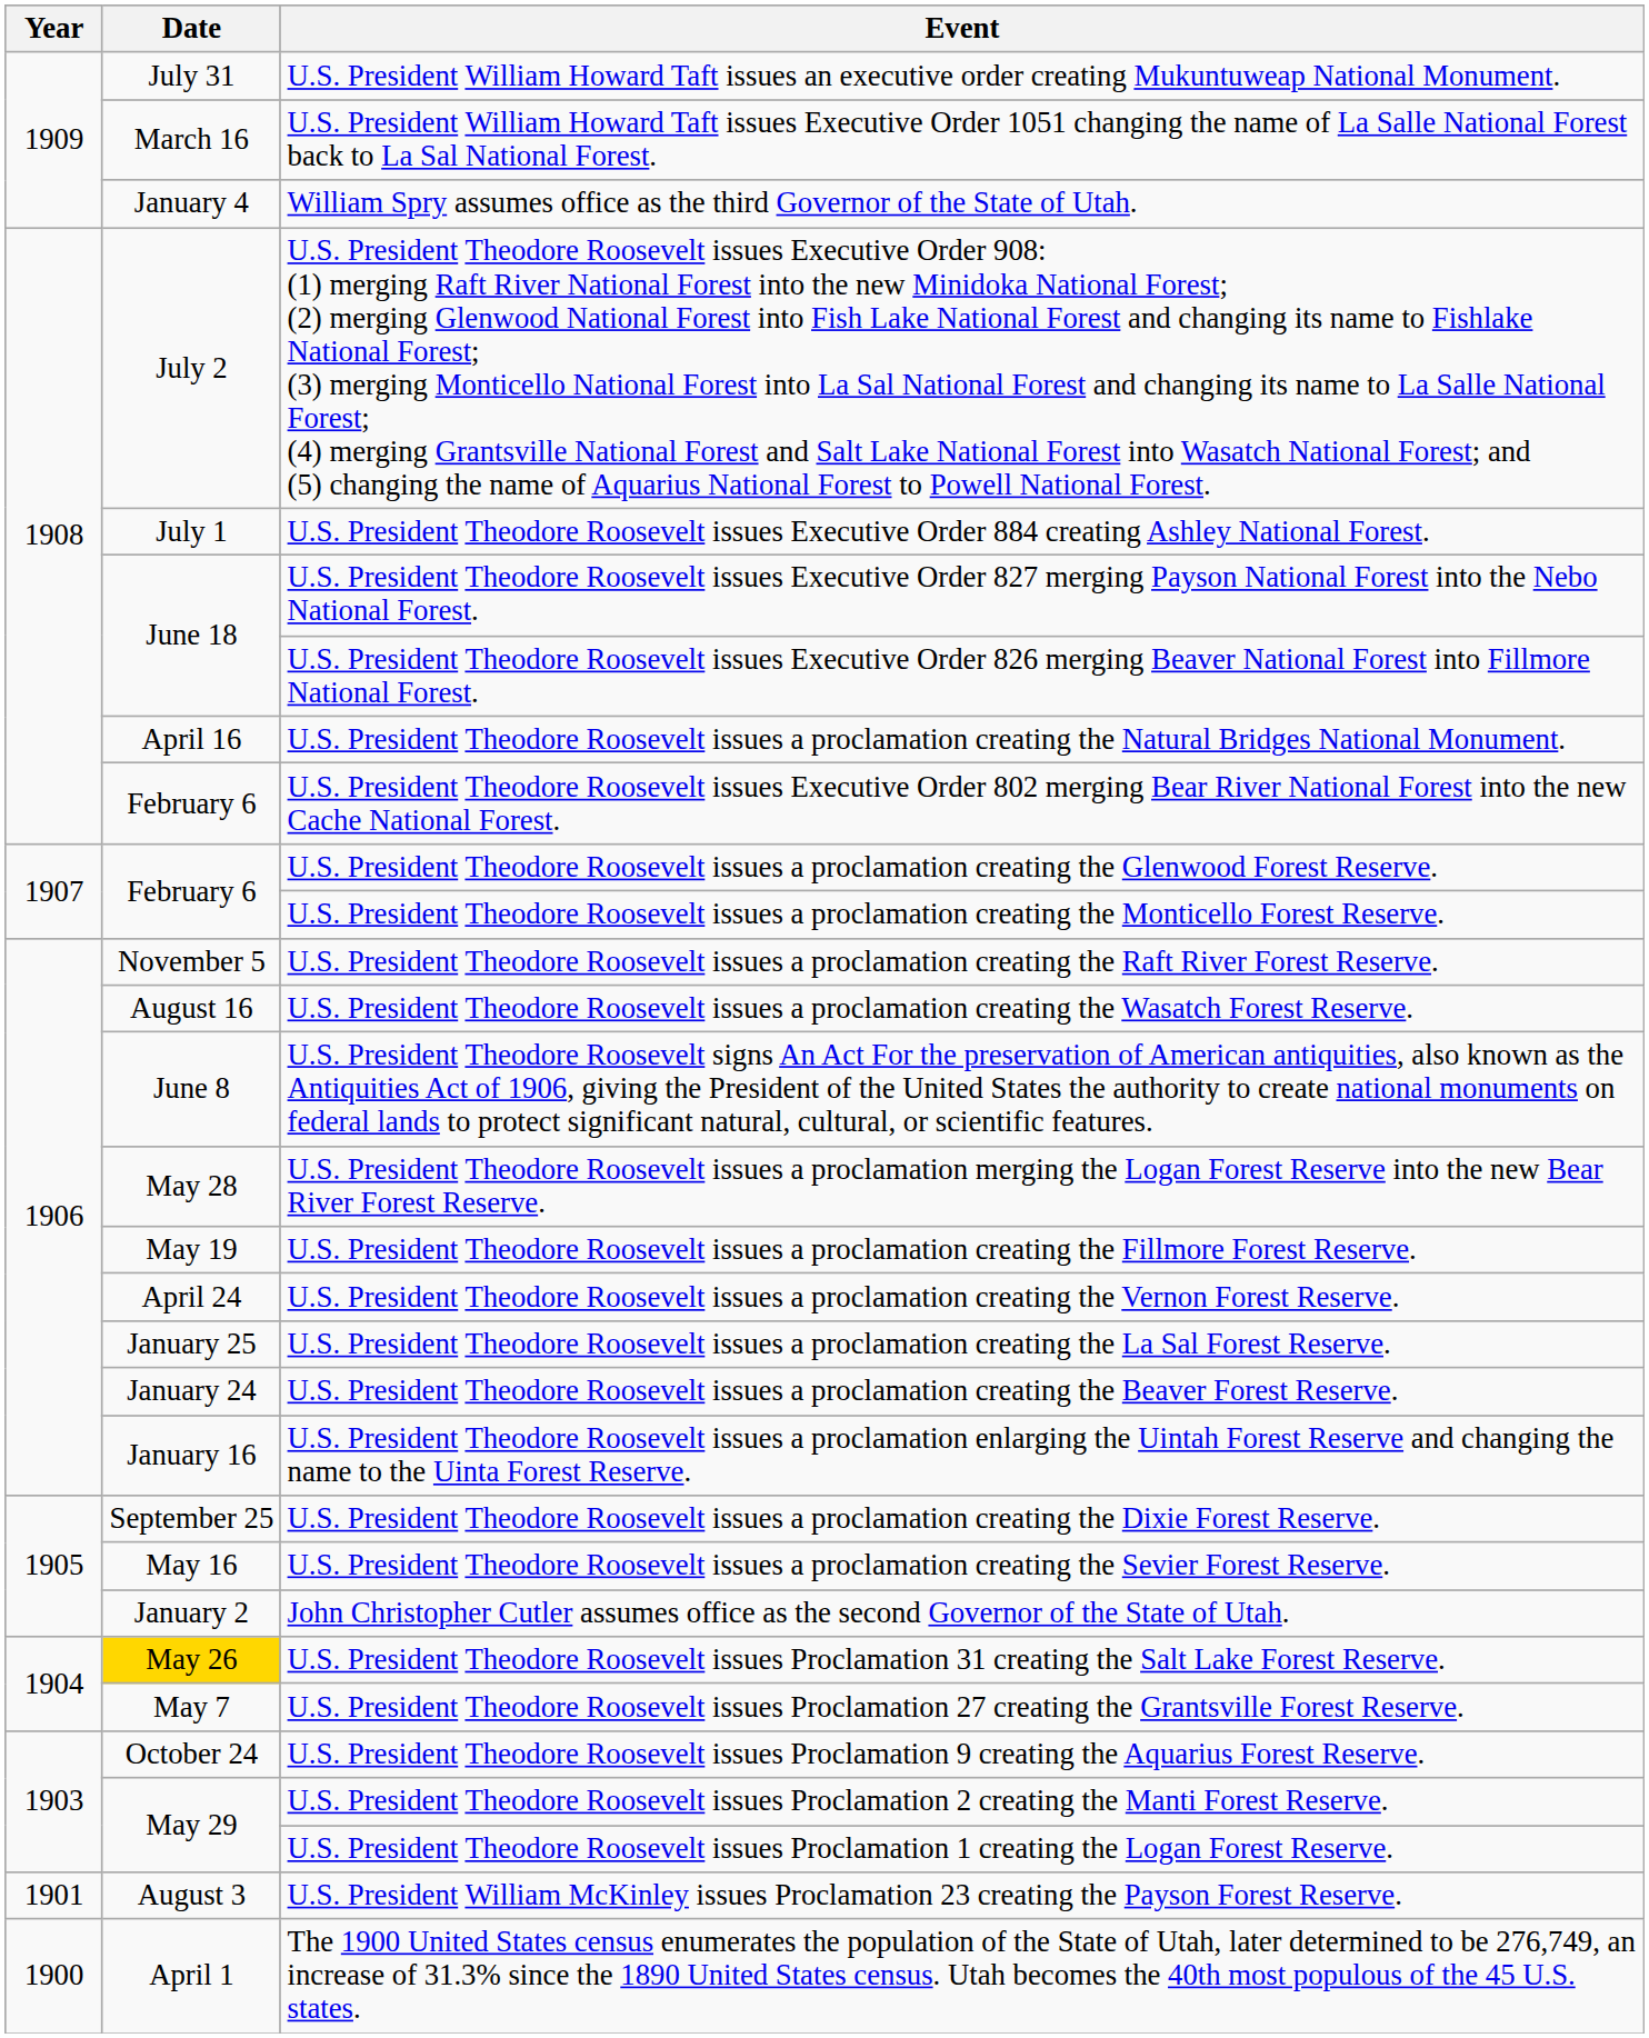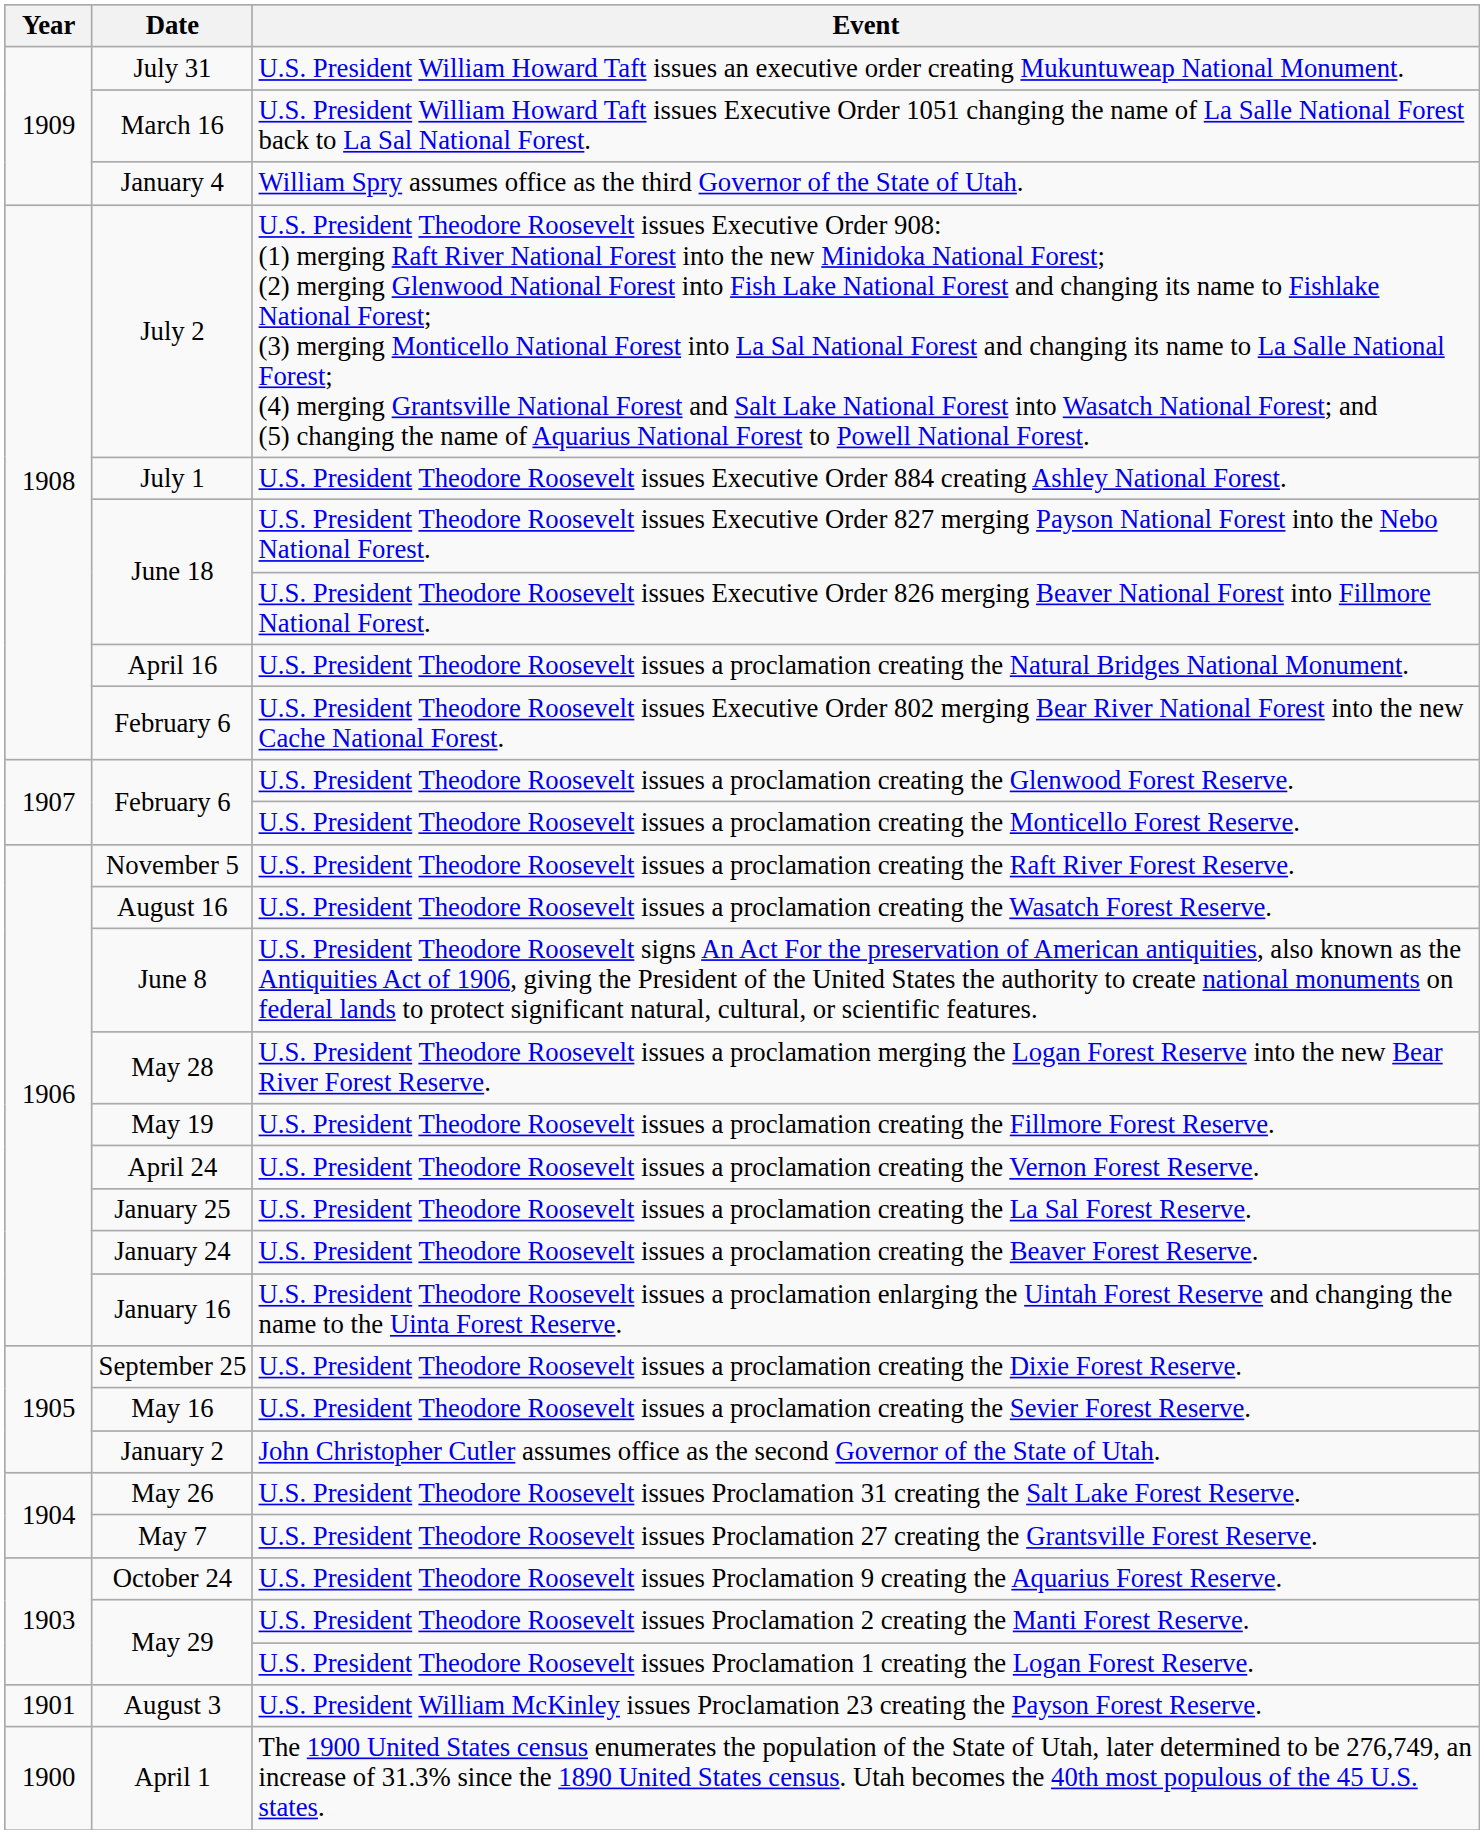 <table class="wikitable" style="width:100%;">
 <tr>
 <th style="width:6%">Year</th>
 <th style="width:8%">Date</th>
 <th style="width:86%">Event</th>
 </tr>
 <tr>
 <td align=center rowspan=3>1909</td>
 <td align=center>July 31</td>
 <td><a href='#'>U.S. President</a> <a href='#'>William Howard Taft</a> issues an executive order creating <a href='#'>Mukuntuweap National Monument</a>.</td>
 </tr>
 <tr>
 <td align=center>March 16</td>
 <td><a href='#'>U.S. President</a> <a href='#'>William Howard Taft</a> issues Executive Order 1051 changing the name of <a href='#'>La Salle National Forest</a> back to <a href='#'>La Sal National Forest</a>.</td>
 </tr>
 <tr>
 <td align=center>January 4</td>
 <td><a href='#'>William Spry</a> assumes office as the third <a href='#'>Governor of the State of Utah</a>.</td>
 </tr>
 <tr>
 <td align=center rowspan=6>1908</td>
 <td align=center>July 2</td>
 <td><a href='#'>U.S. President</a> <a href='#'>Theodore Roosevelt</a> issues Executive Order 908:<br>(1) merging <a href='#'>Raft River National Forest</a> into the new <a href='#'>Minidoka National Forest</a>;<br>(2) merging <a href='#'>Glenwood National Forest</a> into <a href='#'>Fish Lake National Forest</a> and changing its name to <a href='#'>Fishlake National Forest</a>;<br>(3) merging <a href='#'>Monticello National Forest</a> into <a href='#'>La Sal National Forest</a> and changing its name to <a href='#'>La Salle National Forest</a>;<br>(4) merging <a href='#'>Grantsville National Forest</a> and <a href='#'>Salt Lake National Forest</a> into <a href='#'>Wasatch National Forest</a>; and<br>(5) changing the name of <a href='#'>Aquarius National Forest</a> to <a href='#'>Powell National Forest</a>.</td>
 </tr>
 <tr>
 <td align=center>July 1</td>
 <td><a href='#'>U.S. President</a> <a href='#'>Theodore Roosevelt</a> issues Executive Order 884 creating <a href='#'>Ashley National Forest</a>.</td>
 </tr>
 <tr>
 <td align=center rowspan=2>June 18</td>
 <td><a href='#'>U.S. President</a> <a href='#'>Theodore Roosevelt</a> issues Executive Order 827 merging <a href='#'>Payson National Forest</a> into the <a href='#'>Nebo National Forest</a>.</td>
 </tr>
 <tr>
 <td><a href='#'>U.S. President</a> <a href='#'>Theodore Roosevelt</a> issues Executive Order 826 merging <a href='#'>Beaver National Forest</a> into <a href='#'>Fillmore National Forest</a>.</td>
 </tr>
 <tr>
 <td align=center>April 16</td>
 <td><a href='#'>U.S. President</a> <a href='#'>Theodore Roosevelt</a> issues a proclamation creating the <a href='#'>Natural Bridges National Monument</a>.</td>
 </tr>
 <tr>
 <td align=center>February 6</td>
 <td><a href='#'>U.S. President</a> <a href='#'>Theodore Roosevelt</a> issues Executive Order 802 merging <a href='#'>Bear River National Forest</a> into the new <a href='#'>Cache National Forest</a>.</td>
 </tr>
 <tr>
 <td align=center rowspan=2>1907</td>
 <td align=center rowspan=2>February 6</td>
 <td><a href='#'>U.S. President</a> <a href='#'>Theodore Roosevelt</a> issues a proclamation creating the <a href='#'>Glenwood Forest Reserve</a>.</td>
 </tr>
 <tr>
 <td><a href='#'>U.S. President</a> <a href='#'>Theodore Roosevelt</a> issues a proclamation creating the <a href='#'>Monticello Forest Reserve</a>.</td>
 </tr>
 <tr>
 <td align=center rowspan=9>1906</td>
 <td align=center>November 5</td>
 <td><a href='#'>U.S. President</a> <a href='#'>Theodore Roosevelt</a> issues a proclamation creating the <a href='#'>Raft River Forest Reserve</a>.</td>
 </tr>
 <tr>
 <td align=center>August 16</td>
 <td><a href='#'>U.S. President</a> <a href='#'>Theodore Roosevelt</a> issues a proclamation creating the <a href='#'>Wasatch Forest Reserve</a>.</td>
 </tr>
 <tr>
 <td align=center>June 8</td>
 <td><a href='#'>U.S. President</a> <a href='#'>Theodore Roosevelt</a> signs <a href='#'>An Act For the preservation of American antiquities</a>, also known as the <a href='#'>Antiquities Act of 1906</a>, giving the President of the United States the authority to create <a href='#'>national monuments</a> on <a href='#'>federal lands</a> to protect significant natural, cultural, or scientific features.</td>
 </tr>
 <tr>
 <td align=center>May 28</td>
 <td><a href='#'>U.S. President</a> <a href='#'>Theodore Roosevelt</a> issues a proclamation merging the <a href='#'>Logan Forest Reserve</a> into the new <a href='#'>Bear River Forest Reserve</a>.</td>
 </tr>
 <tr>
 <td align=center>May 19</td>
 <td><a href='#'>U.S. President</a> <a href='#'>Theodore Roosevelt</a> issues a proclamation creating the <a href='#'>Fillmore Forest Reserve</a>.</td>
 </tr>
 <tr>
 <td align=center>April 24</td>
 <td><a href='#'>U.S. President</a> <a href='#'>Theodore Roosevelt</a> issues a proclamation creating the <a href='#'>Vernon Forest Reserve</a>.</td>
 </tr>
 <tr>
 <td align=center>January 25</td>
 <td><a href='#'>U.S. President</a> <a href='#'>Theodore Roosevelt</a> issues a proclamation creating the <a href='#'>La Sal Forest Reserve</a>.</td>
 </tr>
 <tr>
 <td align=center>January 24</td>
 <td><a href='#'>U.S. President</a> <a href='#'>Theodore Roosevelt</a> issues a proclamation creating the <a href='#'>Beaver Forest Reserve</a>.</td>
 </tr>
 <tr>
 <td align=center>January 16</td>
 <td><a href='#'>U.S. President</a> <a href='#'>Theodore Roosevelt</a> issues a proclamation enlarging the <a href='#'>Uintah Forest Reserve</a> and changing the name to the <a href='#'>Uinta Forest Reserve</a>.</td>
 </tr>
 <tr>
 <td align=center rowspan=3>1905</td>
 <td align=center>September 25</td>
 <td><a href='#'>U.S. President</a> <a href='#'>Theodore Roosevelt</a> issues a proclamation creating the <a href='#'>Dixie Forest Reserve</a>.</td>
 </tr>
 <tr>
 <td align=center>May 16</td>
 <td><a href='#'>U.S. President</a> <a href='#'>Theodore Roosevelt</a> issues a proclamation creating the <a href='#'>Sevier Forest Reserve</a>.</td>
 </tr>
 <tr>
 <td align=center>January 2</td>
 <td><a href='#'>John Christopher Cutler</a> assumes office as the second <a href='#'>Governor of the State of Utah</a>.</td>
 </tr>
 <tr>
 <td align=center rowspan=2>1904</td>
-<td align=center style="background: gold;">May 26</td>
+<td align=center>May 26</td>
 <td><a href='#'>U.S. President</a> <a href='#'>Theodore Roosevelt</a> issues Proclamation 31 creating the <a href='#'>Salt Lake Forest Reserve</a>.</td>
 </tr>
 <tr>
 <td align=center>May 7</td>
 <td><a href='#'>U.S. President</a> <a href='#'>Theodore Roosevelt</a> issues Proclamation 27 creating the <a href='#'>Grantsville Forest Reserve</a>.</td>
 </tr>
 <tr>
 <td align=center rowspan=3>1903</td>
 <td align=center>October 24</td>
 <td><a href='#'>U.S. President</a> <a href='#'>Theodore Roosevelt</a> issues Proclamation 9 creating the <a href='#'>Aquarius Forest Reserve</a>.</td>
 </tr>
 <tr>
 <td align=center rowspan=2>May 29</td>
 <td><a href='#'>U.S. President</a> <a href='#'>Theodore Roosevelt</a> issues Proclamation 2 creating the <a href='#'>Manti Forest Reserve</a>.</td>
 </tr>
 <tr>
 <td><a href='#'>U.S. President</a> <a href='#'>Theodore Roosevelt</a> issues Proclamation 1 creating the <a href='#'>Logan Forest Reserve</a>.</td>
 </tr>
 <tr>
 <td align=center rowspan=1>1901</td>
 <td align=center>August 3</td>
 <td><a href='#'>U.S. President</a> <a href='#'>William McKinley</a> issues Proclamation 23 creating the <a href='#'>Payson Forest Reserve</a>.</td>
 </tr>
 <tr>
 <td align=center rowspan=1>1900</td>
 <td align=center>April 1</td>
 <td>The <a href='#'>1900 United States census</a> enumerates the population of the State of Utah, later determined to be 276,749, an increase of 31.3% since the <a href='#'>1890 United States census</a>. Utah becomes the <a href='#'>40th most populous of the 45 U.S. states</a>.</td>
 </tr>
 </table>
